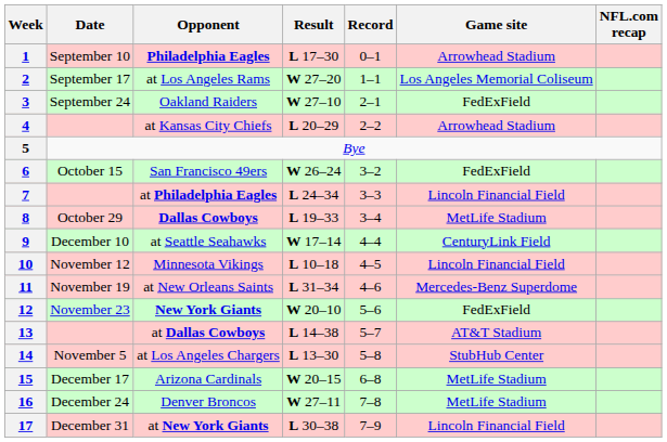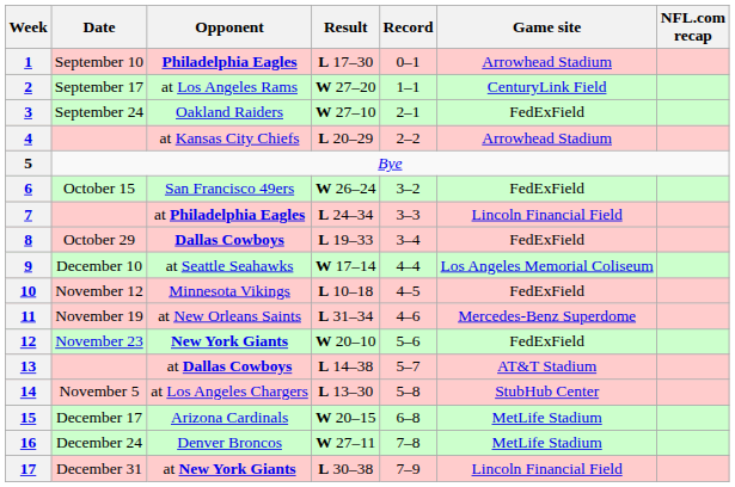 <table class="wikitable" style="text-align:center">
 <tr>
 <th>Week</th>
 <th>Date</th>
 <th>Opponent</th>
 <th>Result</th>
 <th>Record</th>
 <th>Game site</th>
 <th>NFL.com<br>recap</th>
 </tr>
 <tr style="background:#fcc">
 <th><a href='#'>1</a></th>
 <td>September 10</td>
 <td><strong><a href='#'>Philadelphia Eagles</a></strong></td>
 <td><strong>L</strong> 17–30</td>
 <td>0–1</td>
 <td><a href='#'>Arrowhead Stadium</a></td>
 <td></td>
 </tr>
 <tr style="background:#cfc">
 <th><a href='#'>2</a></th>
 <td>September 17</td>
 <td>at <a href='#'>Los Angeles Rams</a></td>
 <td><strong>W</strong> 27–20</td>
 <td>1–1</td>
-<td><a href='#'>Los Angeles Memorial Coliseum</a></td>
+<td><a href='#'>CenturyLink Field</a></td>
 <td></td>
 </tr>
 <tr style="background:#cfc">
 <th><a href='#'>3</a></th>
 <td>September 24</td>
 <td><a href='#'>Oakland Raiders</a></td>
 <td><strong>W</strong> 27–10</td>
 <td>2–1</td>
 <td>FedExField</td>
 <td></td>
 </tr>
 <tr style="background:#fcc">
 <th><a href='#'>4</a></th>
 <td></td>
 <td>at <a href='#'>Kansas City Chiefs</a></td>
 <td><strong>L</strong> 20–29</td>
 <td>2–2</td>
 <td><a href='#'>Arrowhead Stadium</a></td>
 <td></td>
 </tr>
 <tr>
 <th>5</th>
 <td colspan=6><em><a href='#'>Bye</a></em></td>
 </tr>
 <tr style="background:#cfc">
 <th><a href='#'>6</a></th>
 <td>October 15</td>
 <td><a href='#'>San Francisco 49ers</a></td>
 <td><strong>W</strong> 26–24</td>
 <td>3–2</td>
 <td>FedExField</td>
 <td></td>
 </tr>
 <tr style="background:#fcc">
 <th><a href='#'>7</a></th>
 <td></td>
 <td>at <strong><a href='#'>Philadelphia Eagles</a></strong></td>
 <td><strong>L</strong> 24–34</td>
 <td>3–3</td>
 <td><a href='#'>Lincoln Financial Field</a></td>
 <td></td>
 </tr>
 <tr style="background:#fcc">
 <th><a href='#'>8</a></th>
 <td>October 29</td>
 <td><strong><a href='#'>Dallas Cowboys</a></strong></td>
 <td><strong>L</strong> 19–33</td>
 <td>3–4</td>
-<td><a href='#'>MetLife Stadium</a></td>
+<td>FedExField</td>
 <td></td>
 </tr>
 <tr style="background:#cfc">
 <th><a href='#'>9</a></th>
 <td>December 10</td>
 <td>at <a href='#'>Seattle Seahawks</a></td>
 <td><strong>W</strong> 17–14</td>
 <td>4–4</td>
-<td><a href='#'>CenturyLink Field</a></td>
+<td><a href='#'>Los Angeles Memorial Coliseum</a></td>
 <td></td>
 </tr>
 <tr style="background:#fcc">
 <th><a href='#'>10</a></th>
 <td>November 12</td>
 <td><a href='#'>Minnesota Vikings</a></td>
 <td><strong>L</strong> 10–18</td>
 <td>4–5</td>
-<td><a href='#'>Lincoln Financial Field</a></td>
+<td>FedExField</td>
 <td></td>
 </tr>
 <tr style="background:#fcc">
 <th><a href='#'>11</a></th>
 <td>November 19</td>
 <td>at <a href='#'>New Orleans Saints</a></td>
 <td><strong>L</strong> 31–34 </td>
 <td>4–6</td>
 <td><a href='#'>Mercedes-Benz Superdome</a></td>
 <td></td>
 </tr>
 <tr style="background:#cfc">
 <th><a href='#'>12</a></th>
 <td><a href='#'>November 23</a></td>
 <td><strong><a href='#'>New York Giants</a></strong></td>
 <td><strong>W</strong> 20–10</td>
 <td>5–6</td>
 <td>FedExField</td>
 <td></td>
 </tr>
 <tr style="background:#fcc">
 <th><a href='#'>13</a></th>
 <td></td>
 <td>at <strong><a href='#'>Dallas Cowboys</a></strong></td>
 <td><strong>L</strong> 14–38</td>
 <td>5–7</td>
 <td><a href='#'>AT&T Stadium</a></td>
 <td></td>
 </tr>
 <tr style="background:#fcc">
 <th><a href='#'>14</a></th>
 <td>November 5</td>
 <td>at <a href='#'>Los Angeles Chargers</a></td>
 <td><strong>L</strong> 13–30</td>
 <td>5–8</td>
 <td><a href='#'>StubHub Center</a></td>
 <td></td>
 </tr>
 <tr style="background:#cfc">
 <th><a href='#'>15</a></th>
 <td>December 17</td>
 <td><a href='#'>Arizona Cardinals</a></td>
 <td><strong>W</strong> 20–15</td>
 <td>6–8</td>
 <td><a href='#'>MetLife Stadium</a></td>
 <td></td>
 </tr>
 <tr style="background:#cfc">
 <th><a href='#'>16</a></th>
 <td>December 24</td>
 <td><a href='#'>Denver Broncos</a></td>
 <td><strong>W</strong> 27–11</td>
 <td>7–8</td>
 <td><a href='#'>MetLife Stadium</a></td>
 <td></td>
 </tr>
 <tr style="background:#fcc">
 <th><a href='#'>17</a></th>
 <td>December 31</td>
 <td>at <strong><a href='#'>New York Giants</a></strong></td>
 <td><strong>L</strong> 30–38</td>
 <td>7–9</td>
 <td><a href='#'>Lincoln Financial Field</a></td>
 <td></td>
 </tr>
 </table>
